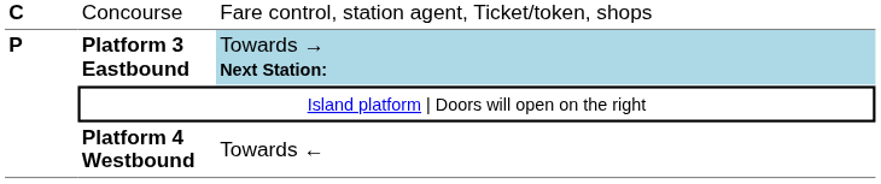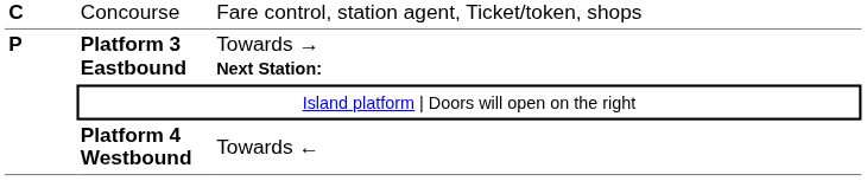 <table table border=0 cellspacing=0 cellpadding=3>
 <tr>
 <td style="border-bottom:solid 1px grey;"><strong>C</strong></td>
 <td style="border-bottom:solid 1px grey;">Concourse</td>
 <td style="border-bottom:solid 1px grey;">Fare control, station agent, Ticket/token, shops</td>
 </tr>
 <tr>
 <td style="border-bottom:solid 1px grey;" width=50 rowspan=3 valign=top><strong>P</strong></td>
 <td style="border-bottom:solid 1px white;" width=100><span><strong>Platform 3</strong><br><strong>Eastbound</strong></span></td>
-<td style="background: lightblue; border-bottom:solid 1px white;" width=500>Towards → <br><small><strong>Next Station:</strong> </small></td>
+<td style="border-bottom:solid 1px white;" width=500>Towards → <br><small><strong>Next Station:</strong> </small></td>
 </tr>
 <tr>
 <td style="border-top:solid 2px black;border-right:solid 2px black;border-left:solid 2px black;border-bottom:solid 2px black;text-align:center;" colspan=2><small><a href='#'>Island platform</a> | Doors will open on the right </small></td>
 </tr>
 <tr>
 <td style="border-bottom:solid 1px grey;" width=100><span><strong>Platform 4</strong><br><strong>Westbound</strong></span></td>
 <td style="border-bottom:solid 1px grey;" width="500">Towards ← </td>
 </tr>
 </table>
